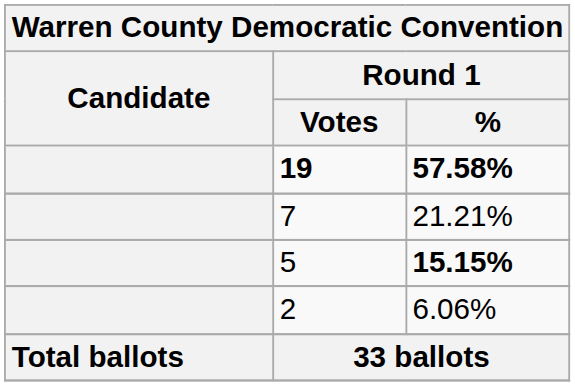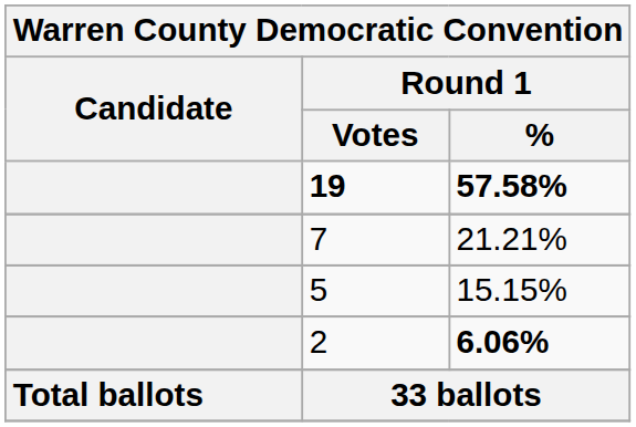 <table class="wikitable sortable">
 <tr>
 <th colspan=" 19 ">Warren County Democratic Convention</th>
 </tr>
 <tr style="background:#eee; text-align:center;">
 <th rowspan=2 style="text-align:center;">Candidate</th>
 <th colspan=2 style="text-align:center;">Round 1</th>
 </tr>
 <tr>
 <th>Votes</th>
 <th>%</th>
 </tr>
 <tr>
 <th scope="row" style="text-align:left;"></th>
 <td><strong>19</strong></td>
 <td><strong>57.58%</strong></td>
 </tr>
 <tr>
 </tr>
 <tr>
 </tr>
 <tr>
 <th scope="row" style="text-align:left;"></th>
 <td>7</td>
 <td>21.21%</td>
 </tr>
 <tr>
 </tr>
 <tr>
 </tr>
 <tr>
 <th scope="row" style="text-align:left;"></th>
 <td>5</td>
-<td><strong>15.15%</strong></td>
+<td>15.15%</td>
 </tr>
 <tr>
 </tr>
 <tr>
 </tr>
 <tr>
 <th scope="row" style="text-align:left;"></th>
 <td>2</td>
-<td>6.06%</td>
+<td><strong>6.06%</strong></td>
 </tr>
 <tr>
 </tr>
 <tr>
 </tr>
 <tr>
 <th scope="row" style="text-align:left;">Total ballots</th>
 <th colspan="2">33 ballots</th>
 </tr>
 <tr>
 </tr>
 </table>
